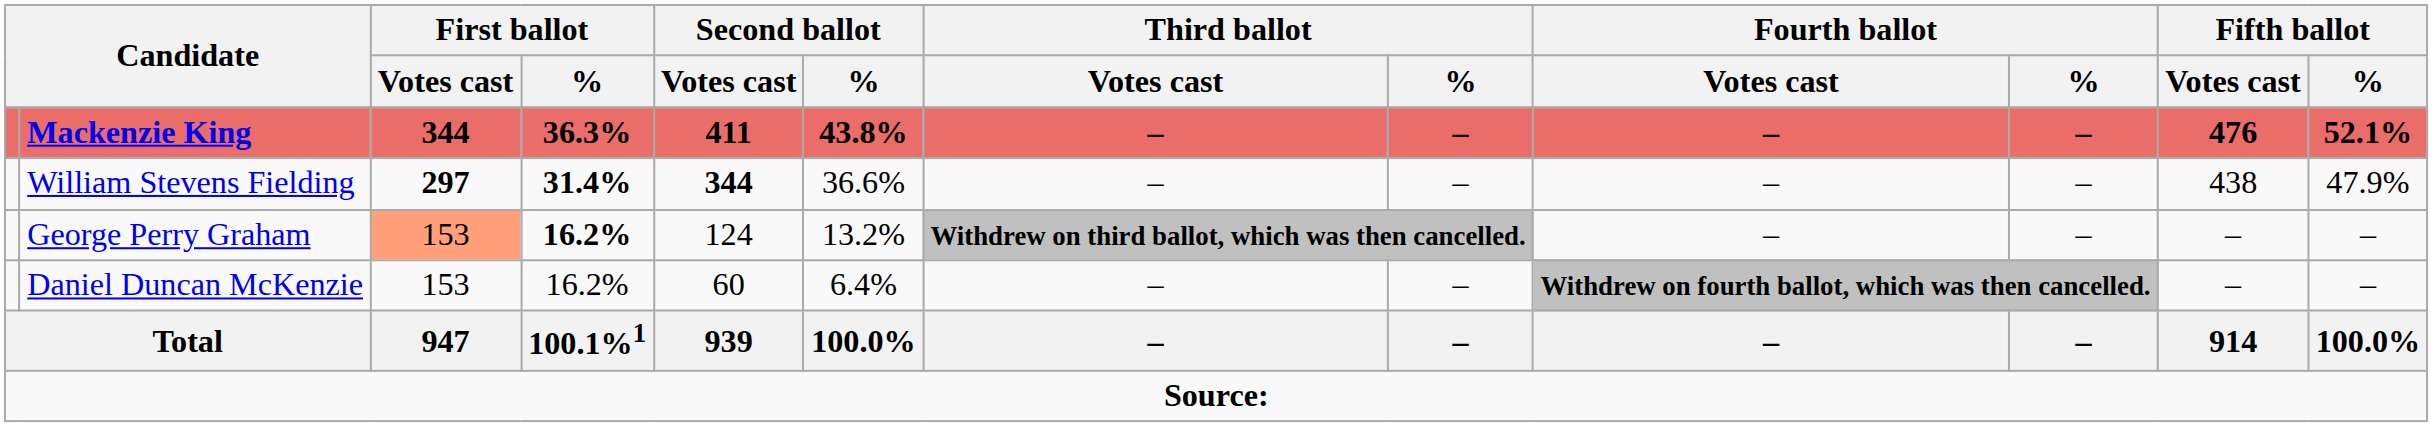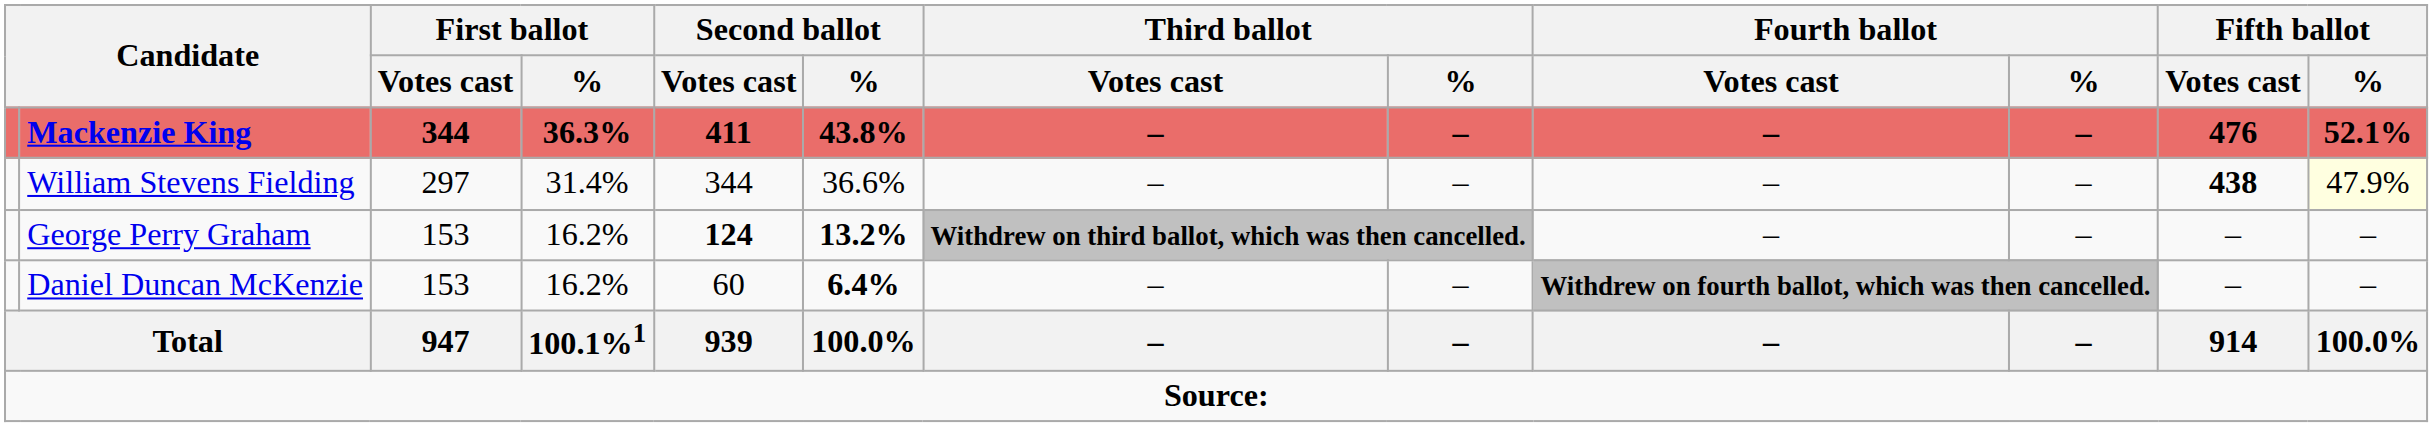 <table class="wikitable">
 <tr>
 <th rowspan="2" colspan="2">Candidate</th>
 <th colspan = "2">First ballot</th>
 <th colspan = "2">Second ballot</th>
 <th colspan = "2">Third ballot</th>
 <th colspan = "2">Fourth ballot</th>
 <th colspan = "2">Fifth ballot</th>
 </tr>
 <tr>
 <th>Votes cast</th>
 <th>%</th>
 <th>Votes cast</th>
 <th>%</th>
 <th>Votes cast</th>
 <th>%</th>
 <th>Votes cast</th>
 <th>%</th>
 <th>Votes cast</th>
 <th>%</th>
 </tr>
 <tr style="background:#EA6D6A">
 <td></td>
 <td><strong><a href='#'>Mackenzie King</a></strong></td>
 <td align = "center"><strong>344</strong></td>
 <td align = "center"><strong>36.3%</strong></td>
 <td align = "center"><strong>411</strong></td>
 <td align = "center"><strong>43.8%</strong></td>
 <td align = "center"><strong>–</strong></td>
 <td align = "center"><strong>–</strong></td>
 <td align = "center"><strong>–</strong></td>
 <td align = "center"><strong>–</strong></td>
 <td align = "center"><strong>476</strong></td>
 <td align = "center"><strong>52.1%</strong></td>
 </tr>
 <tr>
 <td></td>
 <td><a href='#'>William Stevens Fielding</a></td>
-<td align = "center"><strong>297</strong></td>
-<td align = "center"><strong>31.4%</strong></td>
-<td align = "center"><strong>344</strong></td>
+<td align = "center">297</td>
+<td align = "center">31.4%</td>
+<td align = "center">344</td>
 <td align = "center">36.6%</td>
 <td align = "center">–</td>
 <td align = "center">–</td>
 <td align = "center">–</td>
 <td align = "center">–</td>
-<td align = "center">438</td>
-<td align = "center">47.9%</td>
+<td align = "center"><strong>438</strong></td>
+<td align = "center" style="background: lightyellow;">47.9%</td>
 </tr>
 <tr>
 <td></td>
 <td><a href='#'>George Perry Graham</a></td>
-<td align = "center" style="background: lightsalmon;">153</td>
-<td align = "center"><strong>16.2%</strong></td>
-<td align = "center">124</td>
-<td align = "center">13.2%</td>
+<td align = "center">153</td>
+<td align = "center">16.2%</td>
+<td align = "center"><strong>124</strong></td>
+<td align = "center"><strong>13.2%</strong></td>
 <td style="text-align:center; background:silver;" colspan="2"><strong><small>Withdrew on third ballot, which was then cancelled.</small></strong></td>
 <td align = "center">–</td>
 <td align = "center">–</td>
 <td align = "center">–</td>
 <td align = "center">–</td>
 </tr>
 <tr>
 <td></td>
 <td><a href='#'>Daniel Duncan McKenzie</a></td>
 <td align = "center">153</td>
 <td align = "center">16.2%</td>
 <td align = "center">60</td>
-<td align = "center">6.4%</td>
+<td align = "center"><strong>6.4%</strong></td>
 <td align = "center">–</td>
 <td align = "center">–</td>
 <td style="text-align:center; background:silver;" colspan="2"><strong><small>Withdrew on fourth ballot, which was then cancelled.</small></strong></td>
 <td align = "center">–</td>
 <td align = "center">–</td>
 </tr>
 <tr>
 <th colspan = "2">Total</th>
 <th align = "center">947</th>
 <th align = "center">100.1%<sup>1</sup></th>
 <th align = "center">939</th>
 <th align = "center">100.0%</th>
 <th align = "center">–</th>
 <th align = "center">–</th>
 <th align = "center">–</th>
 <th align = "center">–</th>
 <th align = "center">914</th>
 <th align = "center">100.0%</th>
 </tr>
 <tr>
 <td align="center" colspan=12><strong>Source:</strong>  </td>
 </tr>
 </table>
